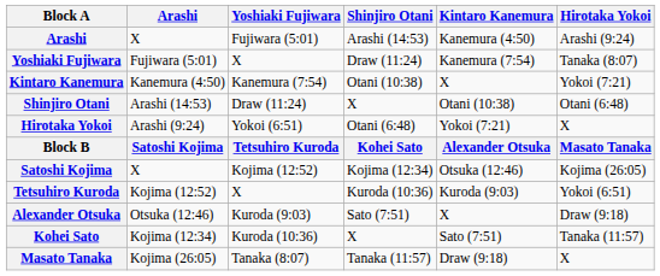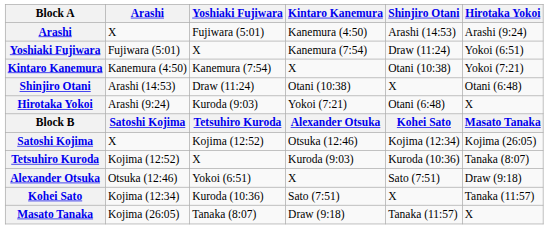 <table class="wikitable" style="margin: 1em auto 1em auto">
 <tr>
 <th>Block A</th>
 <th><a href='#'>Arashi</a></th>
 <th><a href='#'>Yoshiaki Fujiwara</a></th>
+<th><a href='#'>Kintaro Kanemura</a></th>
 <th><a href='#'>Shinjiro Otani</a></th>
-<th><a href='#'>Kintaro Kanemura</a></th>
 <th><a href='#'>Hirotaka Yokoi</a></th>
 </tr>
 <tr>
 <th><a href='#'>Arashi</a></th>
 <td>X</td>
 <td>Fujiwara (5:01)</td>
+<td>Kanemura (4:50)</td>
 <td>Arashi (14:53)</td>
-<td>Kanemura (4:50)</td>
 <td>Arashi (9:24)</td>
 </tr>
 <tr>
 <th><a href='#'>Yoshiaki Fujiwara</a></th>
 <td>Fujiwara (5:01)</td>
 <td>X</td>
+<td>Kanemura (7:54)</td>
 <td>Draw (11:24)</td>
-<td>Kanemura (7:54)</td>
-<td>Tanaka (8:07)</td>
+<td>Yokoi (6:51)</td>
 </tr>
 <tr>
 <th><a href='#'>Kintaro Kanemura</a></th>
 <td>Kanemura (4:50)</td>
 <td>Kanemura (7:54)</td>
+<td>X</td>
 <td>Otani (10:38)</td>
-<td>X</td>
 <td>Yokoi (7:21)</td>
 </tr>
 <tr>
 <th><a href='#'>Shinjiro Otani</a></th>
 <td>Arashi (14:53)</td>
 <td>Draw (11:24)</td>
+<td>Otani (10:38)</td>
 <td>X</td>
-<td>Otani (10:38)</td>
 <td>Otani (6:48)</td>
 </tr>
 <tr>
 <th><a href='#'>Hirotaka Yokoi</a></th>
 <td>Arashi (9:24)</td>
-<td>Yokoi (6:51)</td>
+<td>Kuroda (9:03)</td>
+<td>Yokoi (7:21)</td>
 <td>Otani (6:48)</td>
-<td>Yokoi (7:21)</td>
 <td>X</td>
 </tr>
 <tr>
 <th>Block B</th>
 <th><a href='#'>Satoshi Kojima</a></th>
 <th><a href='#'>Tetsuhiro Kuroda</a></th>
+<th><a href='#'>Alexander Otsuka</a></th>
 <th><a href='#'>Kohei Sato</a></th>
-<th><a href='#'>Alexander Otsuka</a></th>
 <th><a href='#'>Masato Tanaka</a></th>
 </tr>
 <tr>
 <th><a href='#'>Satoshi Kojima</a></th>
 <td>X</td>
 <td>Kojima (12:52)</td>
+<td>Otsuka (12:46)</td>
 <td>Kojima (12:34)</td>
-<td>Otsuka (12:46)</td>
 <td>Kojima (26:05)</td>
 </tr>
 <tr>
 <th><a href='#'>Tetsuhiro Kuroda</a></th>
 <td>Kojima (12:52)</td>
 <td>X</td>
+<td>Kuroda (9:03)</td>
 <td>Kuroda (10:36)</td>
-<td>Kuroda (9:03)</td>
-<td>Yokoi (6:51)</td>
+<td>Tanaka (8:07)</td>
 </tr>
 <tr>
 <th><a href='#'>Alexander Otsuka</a></th>
 <td>Otsuka (12:46)</td>
-<td>Kuroda (9:03)</td>
+<td>Yokoi (6:51)</td>
+<td>X</td>
 <td>Sato (7:51)</td>
-<td>X</td>
 <td>Draw (9:18)</td>
 </tr>
 <tr>
 <th><a href='#'>Kohei Sato</a></th>
 <td>Kojima (12:34)</td>
 <td>Kuroda (10:36)</td>
+<td>Sato (7:51)</td>
 <td>X</td>
-<td>Sato (7:51)</td>
 <td>Tanaka (11:57)</td>
 </tr>
 <tr>
 <th><a href='#'>Masato Tanaka</a></th>
 <td>Kojima (26:05)</td>
 <td>Tanaka (8:07)</td>
+<td>Draw (9:18)</td>
 <td>Tanaka (11:57)</td>
-<td>Draw (9:18)</td>
 <td>X</td>
 </tr>
 </table>
